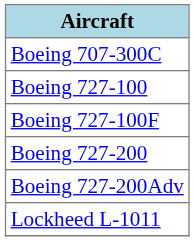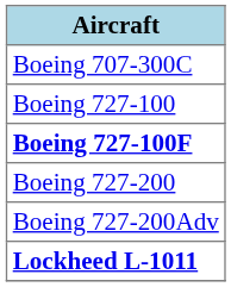 <table class="toccolours" border="1" cellpadding="3" style="margin:1em auto; white-space:nowrap; border-collapse:collapse">
 <tr bgcolor=lightblue>
 <th>Aircraft</th>
 </tr>
 <tr>
 <td><a href='#'>Boeing 707-300C</a></td>
 </tr>
 <tr>
 <td><a href='#'>Boeing 727-100</a></td>
 </tr>
 <tr>
-<td><a href='#'>Boeing 727-100F</a></td>
+<td><strong><a href='#'>Boeing 727-100F</a></strong></td>
 </tr>
 <tr>
 <td><a href='#'>Boeing 727-200</a></td>
 </tr>
 <tr>
 <td><a href='#'>Boeing 727-200Adv</a></td>
 </tr>
 <tr>
-<td><a href='#'>Lockheed L-1011</a></td>
+<td><strong><a href='#'>Lockheed L-1011</a></strong></td>
 </tr>
 <tr>
 </tr>
 </table>
